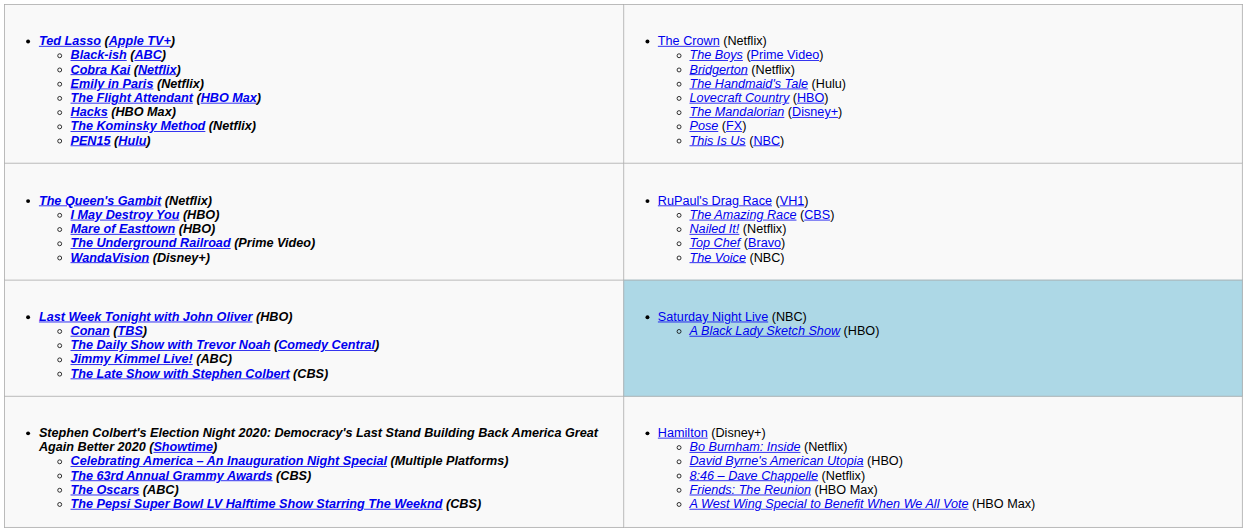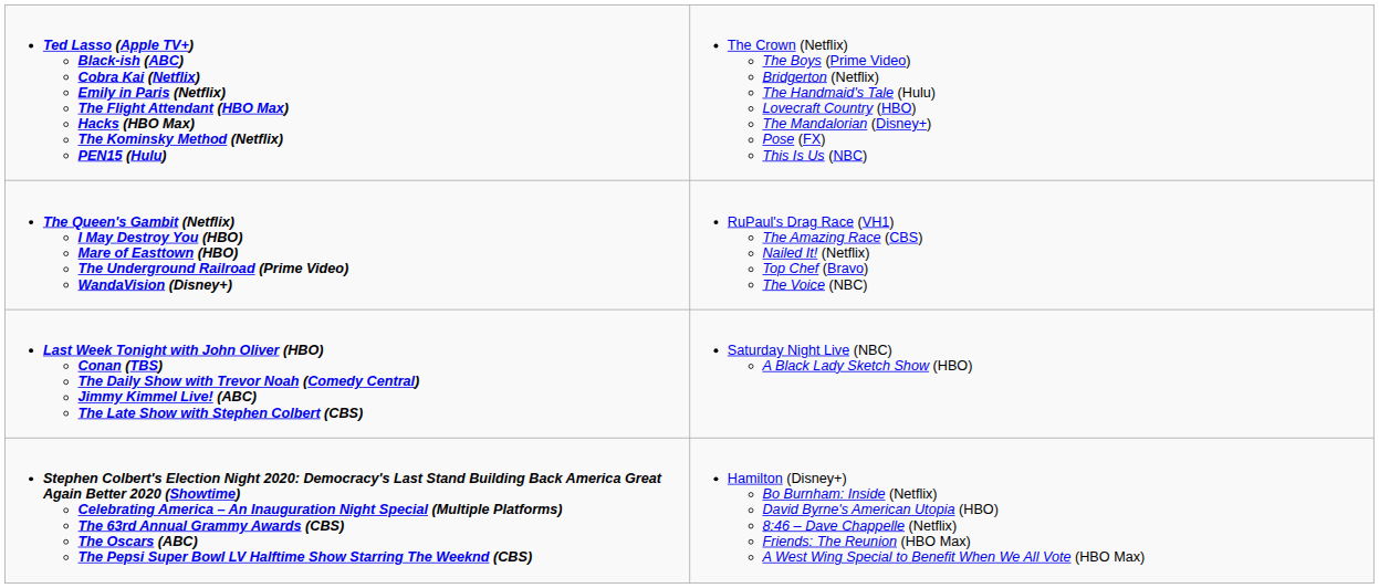 <table class="wikitable">
 <tr>
 <td style="vertical-align:top;" width="50%"><br><ul><li><strong><em><a href='#'>Ted Lasso</a><em> (<a href='#'>Apple TV+</a>)<strong><ul><li></em><a href='#'>Black-ish</a><em> (<a href='#'>ABC</a>)</li><li></em><a href='#'>Cobra Kai</a><em> (<a href='#'>Netflix</a>)</li><li></em><a href='#'>Emily in Paris</a><em> (Netflix)</li><li></em><a href='#'>The Flight Attendant</a><em> (<a href='#'>HBO Max</a>)</li><li></em><a href='#'>Hacks</a><em> (HBO Max)</li><li></em><a href='#'>The Kominsky Method</a><em> (Netflix)</li><li></em><a href='#'>PEN15</a><em> (<a href='#'>Hulu</a>)</li></ul></li></ul></td>
 <td style="vertical-align:top;" width="50%"><br><ul><li></em></strong><a href='#'>The Crown</a></em> (Netflix)</strong><ul><li><em><a href='#'>The Boys</a></em> (<a href='#'>Prime Video</a>)</li><li><em><a href='#'>Bridgerton</a></em> (Netflix)</li><li><em><a href='#'>The Handmaid's Tale</a></em> (Hulu)</li><li><em><a href='#'>Lovecraft Country</a></em> (<a href='#'>HBO</a>)</li><li><em><a href='#'>The Mandalorian</a></em> (<a href='#'>Disney+</a>)</li><li><em><a href='#'>Pose</a></em> (<a href='#'>FX</a>)</li><li><em><a href='#'>This Is Us</a></em> (<a href='#'>NBC</a>)</li></ul></li></ul></td>
 </tr>
 <tr>
 <td style="vertical-align:top;" width="50%"><br><ul><li><strong><em><a href='#'>The Queen's Gambit</a><em> (Netflix)<strong><ul><li></em><a href='#'>I May Destroy You</a><em> (HBO)</li><li></em><a href='#'>Mare of Easttown</a><em> (HBO)</li><li></em><a href='#'>The Underground Railroad</a><em> (Prime Video)</li><li></em><a href='#'>WandaVision</a><em> (Disney+)</li></ul></li></ul></td>
 <td style="vertical-align:top;" width="50%"><br><ul><li></em></strong><a href='#'>RuPaul's Drag Race</a></em> (<a href='#'>VH1</a>)</strong><ul><li><em><a href='#'>The Amazing Race</a></em> (<a href='#'>CBS</a>)</li><li><em><a href='#'>Nailed It!</a></em> (Netflix)</li><li><em><a href='#'>Top Chef</a></em> (<a href='#'>Bravo</a>)</li><li><em><a href='#'>The Voice</a></em> (NBC)</li></ul></li></ul></td>
 </tr>
 <tr>
 <td style="vertical-align:top;" width="50%"><br><ul><li><strong><em><a href='#'>Last Week Tonight with John Oliver</a><em> (HBO)<strong><ul><li></em><a href='#'>Conan</a><em> (<a href='#'>TBS</a>)</li><li></em><a href='#'>The Daily Show with Trevor Noah</a><em> (<a href='#'>Comedy Central</a>)</li><li></em><a href='#'>Jimmy Kimmel Live!</a><em> (ABC)</li><li></em><a href='#'>The Late Show with Stephen Colbert</a><em> (CBS)</li></ul></li></ul></td>
-<td style="background: lightblue; vertical-align:top;" width="50%"><br><ul><li></em></strong><a href='#'>Saturday Night Live</a></em> (NBC)</strong><ul><li><em><a href='#'>A Black Lady Sketch Show</a></em> (HBO)</li></ul></li></ul></td>
+<td style="vertical-align:top;" width="50%"><br><ul><li></em></strong><a href='#'>Saturday Night Live</a></em> (NBC)</strong><ul><li><em><a href='#'>A Black Lady Sketch Show</a></em> (HBO)</li></ul></li></ul></td>
 </tr>
 <tr>
 <td style="vertical-align:top;" width="50%"><br><ul><li><strong><em>Stephen Colbert's Election Night 2020: Democracy's Last Stand Building Back America Great Again Better 2020<em> (<a href='#'>Showtime</a>)<strong><ul><li></em><a href='#'>Celebrating America – An Inauguration Night Special</a><em> (Multiple Platforms)</li><li></em><a href='#'>The 63rd Annual Grammy Awards</a><em> (CBS)</li><li></em><a href='#'>The Oscars</a><em> (ABC)</li><li></em><a href='#'>The Pepsi Super Bowl LV Halftime Show Starring The Weeknd</a><em> (CBS)</li></ul></li></ul></td>
 <td style="vertical-align:top;" width="50%"><br><ul><li></em></strong><a href='#'>Hamilton</a></em> (Disney+)</strong><ul><li><em><a href='#'>Bo Burnham: Inside</a></em> (Netflix)</li><li><em><a href='#'>David Byrne's American Utopia</a></em> (HBO)</li><li><em><a href='#'>8:46 – Dave Chappelle</a></em> (Netflix)</li><li><em><a href='#'>Friends: The Reunion</a></em> (HBO Max)</li><li><em><a href='#'>A West Wing Special to Benefit When We All Vote</a></em> (HBO Max)</li></ul></li></ul></td>
 </tr>
 </table>
